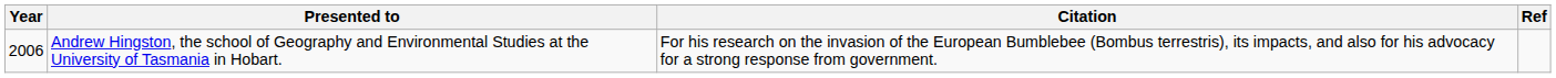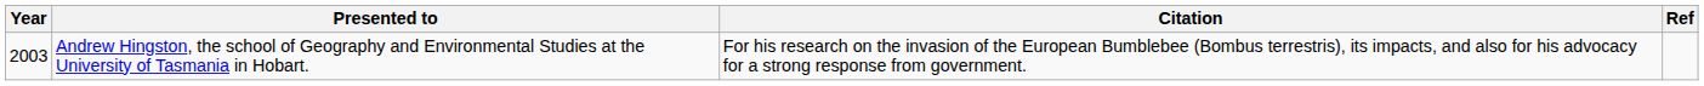 <table class="wikitable">
 <tr>
 <th>Year</th>
 <th>Presented to</th>
 <th>Citation</th>
 <th>Ref</th>
 </tr>
 <tr>
-<td>2006</td>
+<td>2003</td>
 <td><a href='#'>Andrew Hingston</a>, the school of Geography and Environmental Studies at the <a href='#'>University of Tasmania</a> in Hobart.</td>
 <td>For his research on the invasion of the European Bumblebee (Bombus terrestris), its impacts, and also for his advocacy for a strong response from government.</td>
 <td></td>
 </tr>
 </table>
